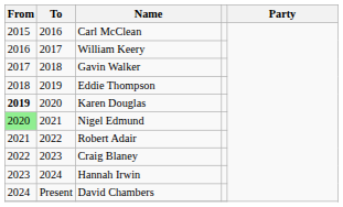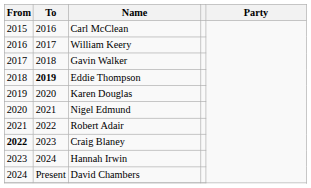 <table class="wikitable sortable">
 <tr>
 <th>From</th>
 <th>To</th>
 <th scope="col" style="width:200px;">Name</th>
 <th class="unsortable"></th>
 <th scope="col" style="width:150px;">Party</th>
 </tr>
 <tr>
 <td>2015</td>
 <td>2016</td>
 <td>Carl McClean</td>
 <td></td>
 </tr>
 <tr>
 <td>2016</td>
 <td>2017</td>
 <td>William Keery</td>
 <td></td>
 </tr>
 <tr>
 <td>2017</td>
 <td>2018</td>
 <td>Gavin Walker</td>
 <td></td>
 </tr>
 <tr>
 <td>2018</td>
-<td>2019</td>
+<td><strong>2019</strong></td>
 <td>Eddie Thompson</td>
 <td></td>
 </tr>
 <tr>
-<td><strong>2019</strong></td>
+<td>2019</td>
 <td>2020</td>
 <td>Karen Douglas</td>
 <td></td>
 </tr>
 <tr>
-<td style="background: lightgreen;">2020</td>
+<td>2020</td>
 <td>2021</td>
 <td>Nigel Edmund</td>
 <td></td>
 </tr>
 <tr>
 <td>2021</td>
 <td>2022</td>
 <td>Robert Adair</td>
 <td></td>
 </tr>
 <tr>
-<td>2022</td>
+<td><strong>2022</strong></td>
 <td>2023</td>
 <td>Craig Blaney</td>
 <td></td>
 </tr>
 <tr>
 <td>2023</td>
 <td>2024</td>
 <td>Hannah Irwin</td>
 <td></td>
 </tr>
 <tr>
 <td>2024</td>
 <td>Present</td>
 <td>David Chambers</td>
 <td></td>
 </tr>
 <tr>
 </tr>
 </table>
